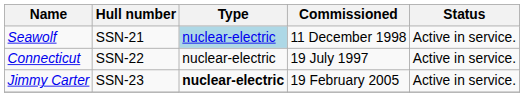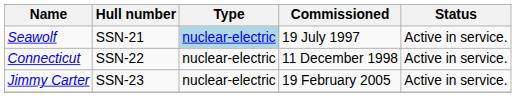 <table class="wikitable">
 <tr>
 <th>Name</th>
 <th>Hull number</th>
 <th>Type</th>
 <th>Commissioned</th>
 <th>Status</th>
 </tr>
 <tr>
 <td><em><a href='#'>Seawolf</a></em></td>
 <td>SSN-21</td>
 <td style="background: lightblue;"><a href='#'>nuclear-electric</a></td>
-<td>11 December 1998</td>
+<td>19 July 1997</td>
 <td>Active in service.</td>
 </tr>
 <tr>
 <td><em><a href='#'>Connecticut</a></em></td>
 <td>SSN-22</td>
 <td>nuclear-electric</td>
-<td>19 July 1997</td>
+<td>11 December 1998</td>
 <td>Active in service.</td>
 </tr>
 <tr>
 <td><em><a href='#'>Jimmy Carter</a></em></td>
 <td>SSN-23</td>
-<td><strong>nuclear-electric</strong></td>
+<td>nuclear-electric</td>
 <td>19 February 2005</td>
 <td>Active in service.</td>
 </tr>
 <tr>
 </tr>
 </table>
